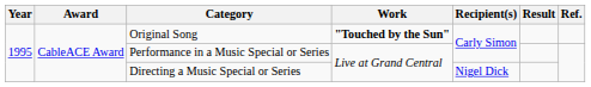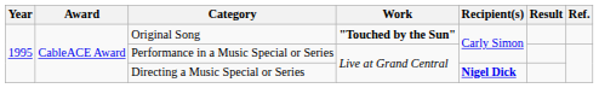 <table class="wikitable">
 <tr>
 <th>Year</th>
 <th>Award</th>
 <th>Category</th>
 <th>Work</th>
 <th>Recipient(s)</th>
 <th>Result</th>
 <th>Ref.</th>
 </tr>
 <tr>
 <td rowspan="3"><a href='#'>1995</a></td>
 <td rowspan="3"><a href='#'>CableACE Award</a></td>
 <td>Original Song</td>
 <td><strong>"Touched by the Sun"</strong></td>
 <td rowspan="2"><a href='#'>Carly Simon</a></td>
 <td></td>
 <td align="center"></td>
 </tr>
 <tr>
 <td>Performance in a Music Special or Series</td>
 <td rowspan="2"><em>Live at Grand Central</em></td>
 <td></td>
 <td align="center" rowspan="2"></td>
 </tr>
 <tr>
 <td>Directing a Music Special or Series</td>
-<td><a href='#'>Nigel Dick</a></td>
+<td><strong><a href='#'>Nigel Dick</a></strong></td>
 <td></td>
 </tr>
 </table>
